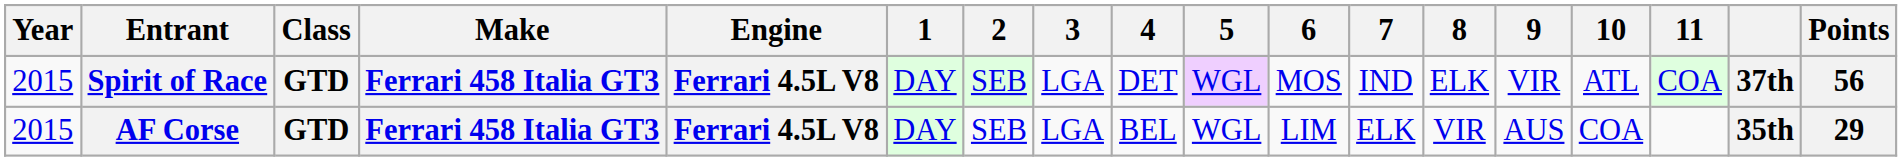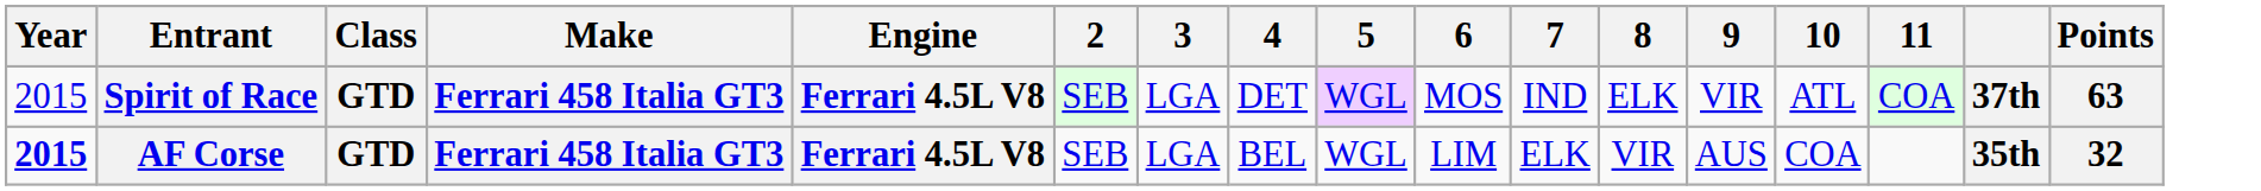 <table class="wikitable" style="text-align:center; font-size:90%">
 <tr>
 <th>Year</th>
 <th>Entrant</th>
 <th>Class</th>
 <th>Make</th>
 <th>Engine</th>
-<th>1</th>
 <th>2</th>
 <th>3</th>
 <th>4</th>
 <th>5</th>
 <th>6</th>
 <th>7</th>
 <th>8</th>
 <th>9</th>
 <th>10</th>
 <th>11</th>
 <th></th>
 <th>Points</th>
 </tr>
 <tr>
 <td><a href='#'>2015</a></td>
 <th><a href='#'>Spirit of Race</a></th>
 <th>GTD</th>
 <th><a href='#'>Ferrari 458 Italia GT3</a></th>
 <th><a href='#'>Ferrari</a> 4.5L V8</th>
-<td style="background:#DFFFDF;"><a href='#'>DAY</a><br></td>
 <td style="background:#DFFFDF;"><a href='#'>SEB</a> <br></td>
 <td style="background:#;"><a href='#'>LGA</a> <br></td>
 <td style="background:#;"><a href='#'>DET</a> <br></td>
 <td style="background:#EFCFFF;"><a href='#'>WGL</a> <br></td>
 <td style="background:#;"><a href='#'>MOS</a> <br></td>
 <td style="background:#;"><a href='#'>IND</a> <br></td>
 <td style="background:#;"><a href='#'>ELK</a><br></td>
 <td style="background:#;"><a href='#'>VIR</a> <br></td>
 <td style="background:#;"><a href='#'>ATL</a><br></td>
 <td style="background:#DFFFDF;"><a href='#'>COA</a><br></td>
 <th>37th</th>
-<th>56</th>
+<th>63</th>
 </tr>
 <tr>
-<td><a href='#'>2015</a></td>
+<td><strong><a href='#'>2015</a></strong></td>
 <th><a href='#'>AF Corse</a></th>
 <th>GTD</th>
 <th><a href='#'>Ferrari 458 Italia GT3</a></th>
 <th><a href='#'>Ferrari</a> 4.5L V8</th>
-<td style="background:#dfffdf;"><a href='#'>DAY</a><br></td>
 <td><a href='#'>SEB</a><br></td>
 <td style="background:#;”"><a href='#'>LGA</a><br></td>
 <td style="background:#;"><a href='#'>BEL</a><br></td>
 <td style="background:#;"><a href='#'>WGL</a><br></td>
 <td style="background:#;"><a href='#'>LIM</a><br></td>
 <td style="background:#;"><a href='#'>ELK</a><br></td>
 <td style="background:#;"><a href='#'>VIR</a><br></td>
 <td style="background:#;"><a href='#'>AUS</a><br></td>
 <td style="background:#;"><a href='#'>COA</a><br></td>
 <td></td>
 <th>35th</th>
-<th>29</th>
+<th>32</th>
 </tr>
 </table>
